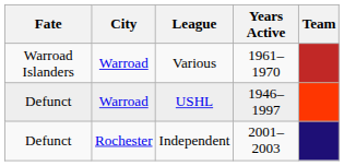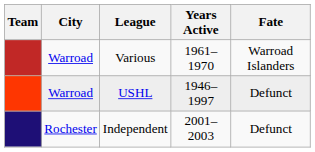 <table class="wikitable sortable" width="60%">
 <tr>
-<th>Fate</th>
+<th>Team</th>
 <th>City</th>
 <th>League</th>
 <th>Years Active</th>
-<th>Team</th>
+<th>Fate</th>
 </tr>
 <tr align=center>
-<td>Warroad Islanders</td>
+<td style="color:white; background:#c12826; "><strong><a href='#'></a></strong></td>
 <td><a href='#'>Warroad</a></td>
 <td>Various</td>
 <td>1961–1970</td>
-<td style="color:white; background:#c12826; "><strong><a href='#'></a></strong></td>
+<td>Warroad Islanders</td>
 </tr>
 <tr align=center bgcolor=eeeeee>
-<td>Defunct</td>
+<td style="color:white; background:#fe3601; "><strong><a href='#'></a></strong></td>
 <td><a href='#'>Warroad</a></td>
 <td><a href='#'>USHL</a></td>
 <td>1946–1997</td>
-<td style="color:white; background:#fe3601; "><strong><a href='#'></a></strong></td>
+<td>Defunct</td>
 </tr>
 <tr align=center>
-<td>Defunct</td>
+<td style="color:white; background:#1e0f76; "><strong><a href='#'></a></strong></td>
 <td><a href='#'>Rochester</a></td>
 <td>Independent</td>
 <td>2001–2003</td>
-<td style="color:white; background:#1e0f76; "><strong><a href='#'></a></strong></td>
+<td>Defunct</td>
 </tr>
 </table>
